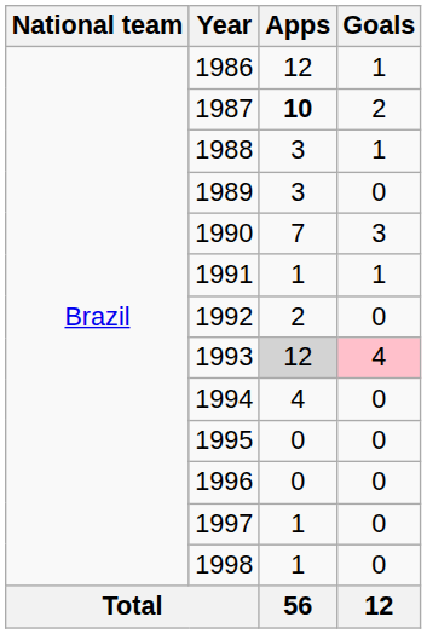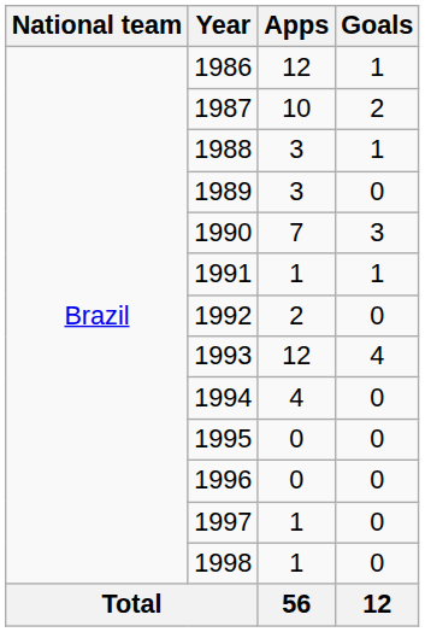 <table class="wikitable" style="text-align:center">
 <tr>
 <th>National team</th>
 <th>Year</th>
 <th>Apps</th>
 <th>Goals</th>
 </tr>
 <tr>
 <td rowspan="13"><a href='#'>Brazil</a></td>
 <td>1986</td>
 <td>12</td>
 <td>1</td>
 </tr>
 <tr>
 <td>1987</td>
-<td><strong>10</strong></td>
+<td>10</td>
 <td>2</td>
 </tr>
 <tr>
 <td>1988</td>
 <td>3</td>
 <td>1</td>
 </tr>
 <tr>
 <td>1989</td>
 <td>3</td>
 <td>0</td>
 </tr>
 <tr>
 <td>1990</td>
 <td>7</td>
 <td>3</td>
 </tr>
 <tr>
 <td>1991</td>
 <td>1</td>
 <td>1</td>
 </tr>
 <tr>
 <td>1992</td>
 <td>2</td>
 <td>0</td>
 </tr>
 <tr>
 <td>1993</td>
-<td style="background: lightgrey;">12</td>
-<td style="background: pink;">4</td>
+<td>12</td>
+<td>4</td>
 </tr>
 <tr>
 <td>1994</td>
 <td>4</td>
 <td>0</td>
 </tr>
 <tr>
 <td>1995</td>
 <td>0</td>
 <td>0</td>
 </tr>
 <tr>
 <td>1996</td>
 <td>0</td>
 <td>0</td>
 </tr>
 <tr>
 <td>1997</td>
 <td>1</td>
 <td>0</td>
 </tr>
 <tr>
 <td>1998</td>
 <td>1</td>
 <td>0</td>
 </tr>
 <tr>
 <th colspan="2">Total</th>
 <th>56</th>
 <th>12</th>
 </tr>
 </table>
